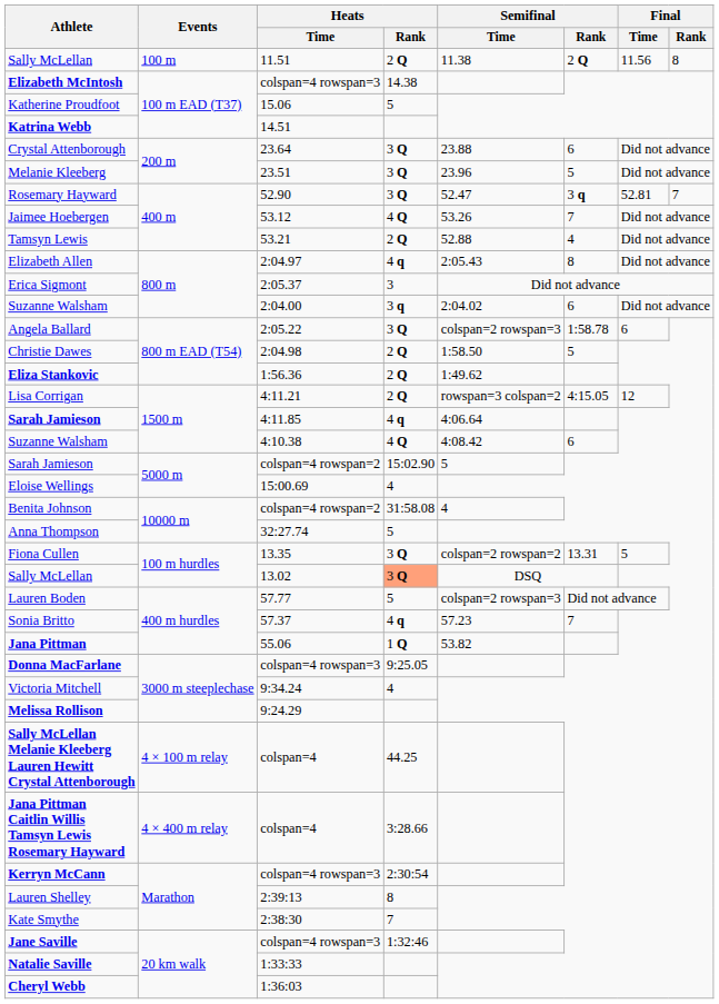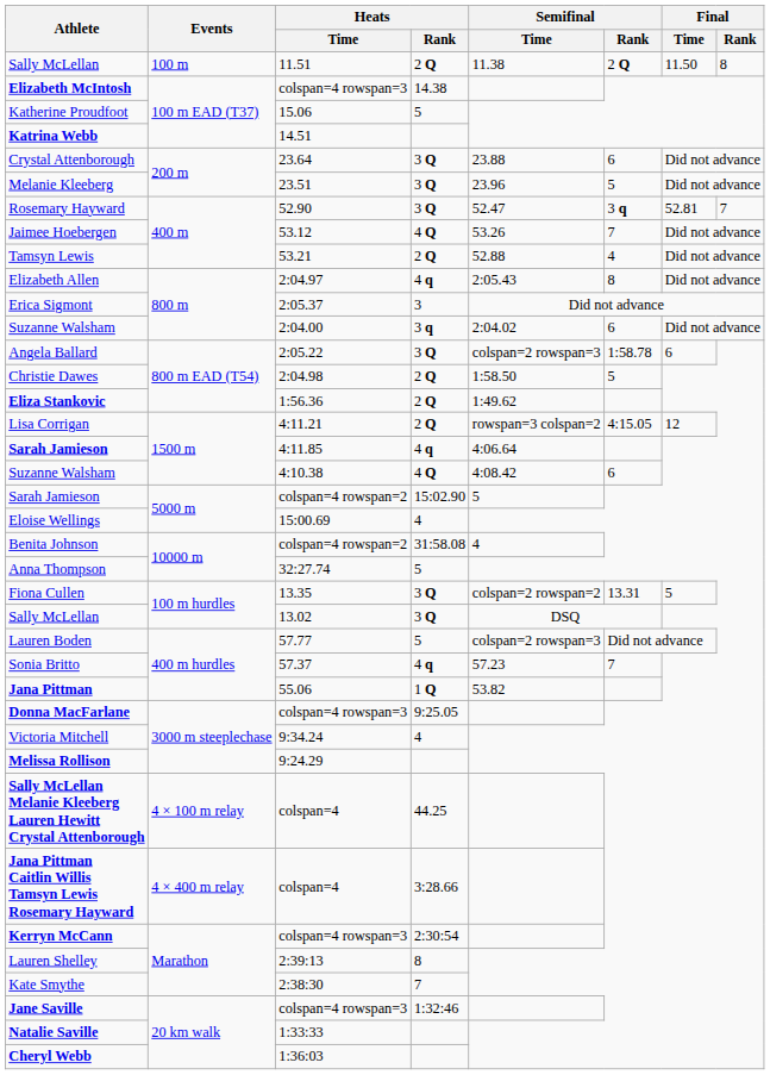 <table class=wikitable style="font-size:90%">
 <tr>
 <th rowspan="2">Athlete</th>
 <th rowspan="2">Events</th>
 <th colspan="2">Heats</th>
 <th colspan="2">Semifinal</th>
 <th colspan="2">Final</th>
 </tr>
 <tr style="font-size:95%">
 <th>Time</th>
 <th>Rank</th>
 <th>Time</th>
 <th>Rank</th>
 <th>Time</th>
 <th>Rank</th>
 </tr>
 <tr>
 <td><a href='#'>Sally McLellan</a></td>
 <td><a href='#'>100 m</a></td>
 <td>11.51</td>
 <td>2 <strong>Q</strong></td>
 <td>11.38</td>
 <td>2 <strong>Q</strong></td>
-<td>11.56</td>
+<td>11.50</td>
 <td>8</td>
 </tr>
 <tr>
 <td><strong><a href='#'>Elizabeth McIntosh</a></strong></td>
 <td rowspan=3><a href='#'>100 m EAD (T37)</a></td>
 <td>colspan=4 rowspan=3 </td>
 <td>14.38</td>
 <td></td>
 </tr>
 <tr>
 <td><a href='#'>Katherine Proudfoot</a></td>
 <td>15.06</td>
 <td>5</td>
 </tr>
 <tr>
 <td><strong><a href='#'>Katrina Webb</a></strong></td>
 <td>14.51</td>
 <td></td>
 </tr>
 <tr>
 <td><a href='#'>Crystal Attenborough</a></td>
 <td rowspan=2><a href='#'>200 m</a></td>
 <td>23.64</td>
 <td>3 <strong>Q</strong></td>
 <td>23.88</td>
 <td>6</td>
 <td colspan=2>Did not advance</td>
 </tr>
 <tr>
 <td><a href='#'>Melanie Kleeberg</a></td>
 <td>23.51</td>
 <td>3 <strong>Q</strong></td>
 <td>23.96</td>
 <td>5</td>
 <td colspan=2>Did not advance</td>
 </tr>
 <tr>
 <td><a href='#'>Rosemary Hayward</a></td>
 <td rowspan=3><a href='#'>400 m</a></td>
 <td>52.90</td>
 <td>3 <strong>Q</strong></td>
 <td>52.47</td>
 <td>3 <strong>q</strong></td>
 <td>52.81</td>
 <td>7</td>
 </tr>
 <tr>
 <td><a href='#'>Jaimee Hoebergen</a></td>
 <td>53.12</td>
 <td>4 <strong>Q</strong></td>
 <td>53.26</td>
 <td>7</td>
 <td colspan=2>Did not advance</td>
 </tr>
 <tr>
 <td><a href='#'>Tamsyn Lewis</a></td>
 <td>53.21</td>
 <td>2 <strong>Q</strong></td>
 <td>52.88</td>
 <td>4</td>
 <td colspan=2>Did not advance</td>
 </tr>
 <tr>
 <td><a href='#'>Elizabeth Allen</a></td>
 <td rowspan=3><a href='#'>800 m</a></td>
 <td>2:04.97</td>
 <td>4 <strong>q</strong></td>
 <td>2:05.43</td>
 <td>8</td>
 <td colspan=2>Did not advance</td>
 </tr>
 <tr>
 <td><a href='#'>Erica Sigmont</a></td>
 <td>2:05.37</td>
 <td>3</td>
 <td colspan=4 align=center>Did not advance</td>
 </tr>
 <tr>
 <td><a href='#'>Suzanne Walsham</a></td>
 <td>2:04.00</td>
 <td>3 <strong>q</strong></td>
 <td>2:04.02</td>
 <td>6</td>
 <td colspan=2>Did not advance</td>
 </tr>
 <tr>
 <td><a href='#'>Angela Ballard</a></td>
 <td rowspan=3><a href='#'>800 m EAD (T54)</a></td>
 <td>2:05.22</td>
 <td>3 <strong>Q</strong></td>
 <td>colspan=2 rowspan=3 </td>
 <td>1:58.78</td>
 <td>6</td>
 </tr>
 <tr>
 <td><a href='#'>Christie Dawes</a></td>
 <td>2:04.98</td>
 <td>2 <strong>Q</strong></td>
 <td>1:58.50</td>
 <td>5</td>
 </tr>
 <tr>
 <td><strong><a href='#'>Eliza Stankovic</a></strong></td>
 <td>1:56.36</td>
 <td>2 <strong>Q</strong></td>
 <td>1:49.62</td>
 <td></td>
 </tr>
 <tr>
 <td><a href='#'>Lisa Corrigan</a></td>
 <td rowspan=3><a href='#'>1500 m</a></td>
 <td>4:11.21</td>
 <td>2 <strong>Q</strong></td>
 <td>rowspan=3 colspan=2 </td>
 <td>4:15.05</td>
 <td>12</td>
 </tr>
 <tr>
 <td><strong><a href='#'>Sarah Jamieson</a></strong></td>
 <td>4:11.85</td>
 <td>4 <strong>q</strong></td>
 <td>4:06.64</td>
 <td></td>
 </tr>
 <tr>
 <td><a href='#'>Suzanne Walsham</a></td>
 <td>4:10.38</td>
 <td>4 <strong>Q</strong></td>
 <td>4:08.42</td>
 <td>6</td>
 </tr>
 <tr>
 <td><a href='#'>Sarah Jamieson</a></td>
 <td rowspan=2><a href='#'>5000 m</a></td>
 <td>colspan=4 rowspan=2 </td>
 <td>15:02.90</td>
 <td>5</td>
 </tr>
 <tr>
 <td><a href='#'>Eloise Wellings</a></td>
 <td>15:00.69</td>
 <td>4</td>
 </tr>
 <tr>
 <td><a href='#'>Benita Johnson</a></td>
 <td rowspan=2><a href='#'>10000 m</a></td>
 <td>colspan=4 rowspan=2 </td>
 <td>31:58.08</td>
 <td>4</td>
 </tr>
 <tr>
 <td><a href='#'>Anna Thompson</a></td>
 <td>32:27.74</td>
 <td>5</td>
 </tr>
 <tr>
 <td><a href='#'>Fiona Cullen</a></td>
 <td rowspan=2><a href='#'>100 m hurdles</a></td>
 <td>13.35</td>
 <td>3 <strong>Q</strong></td>
 <td>colspan=2 rowspan=2 </td>
 <td>13.31</td>
 <td>5</td>
 </tr>
 <tr>
 <td><a href='#'>Sally McLellan</a></td>
 <td>13.02</td>
-<td style="background: lightsalmon;">3 <strong>Q</strong></td>
+<td>3 <strong>Q</strong></td>
 <td colspan=2 align=center>DSQ</td>
 </tr>
 <tr>
 <td><a href='#'>Lauren Boden</a></td>
 <td rowspan=3><a href='#'>400 m hurdles</a></td>
 <td>57.77</td>
 <td>5</td>
 <td>colspan=2 rowspan=3 </td>
 <td colspan=2>Did not advance</td>
 </tr>
 <tr>
 <td><a href='#'>Sonia Britto</a></td>
 <td>57.37</td>
 <td>4 <strong>q</strong></td>
 <td>57.23</td>
 <td>7</td>
 </tr>
 <tr>
 <td><strong><a href='#'>Jana Pittman</a></strong></td>
 <td>55.06</td>
 <td>1 <strong>Q</strong></td>
 <td>53.82</td>
 <td></td>
 </tr>
 <tr>
 <td><strong><a href='#'>Donna MacFarlane</a></strong></td>
 <td rowspan=3><a href='#'>3000 m steeplechase</a></td>
 <td>colspan=4 rowspan=3 </td>
 <td>9:25.05</td>
 <td></td>
 </tr>
 <tr>
 <td><a href='#'>Victoria Mitchell</a></td>
 <td>9:34.24</td>
 <td>4</td>
 </tr>
 <tr>
 <td><strong><a href='#'>Melissa Rollison</a></strong></td>
 <td>9:24.29</td>
 <td></td>
 </tr>
 <tr>
 <td><strong><a href='#'>Sally McLellan</a><br><a href='#'>Melanie Kleeberg</a><br><a href='#'>Lauren Hewitt</a><br><a href='#'>Crystal Attenborough</a></strong></td>
 <td><a href='#'>4 × 100 m relay</a></td>
 <td>colspan=4 </td>
 <td>44.25</td>
 <td></td>
 </tr>
 <tr>
 <td><strong><a href='#'>Jana Pittman</a><br><a href='#'>Caitlin Willis</a><br> <a href='#'>Tamsyn Lewis</a><br><a href='#'>Rosemary Hayward</a></strong></td>
 <td><a href='#'>4 × 400 m relay</a></td>
 <td>colspan=4 </td>
 <td>3:28.66</td>
 <td></td>
 </tr>
 <tr>
 <td><strong><a href='#'>Kerryn McCann</a></strong></td>
 <td rowspan=3><a href='#'>Marathon</a></td>
 <td>colspan=4 rowspan=3 </td>
 <td>2:30:54</td>
 <td></td>
 </tr>
 <tr>
 <td><a href='#'>Lauren Shelley</a></td>
 <td>2:39:13</td>
 <td>8</td>
 </tr>
 <tr>
 <td><a href='#'>Kate Smythe</a></td>
 <td>2:38:30</td>
 <td>7</td>
 </tr>
 <tr>
 <td><strong><a href='#'>Jane Saville</a></strong></td>
 <td rowspan=3><a href='#'>20 km walk</a></td>
 <td>colspan=4 rowspan=3 </td>
 <td>1:32:46</td>
 <td></td>
 </tr>
 <tr>
 <td><strong><a href='#'>Natalie Saville</a></strong></td>
 <td>1:33:33</td>
 <td></td>
 </tr>
 <tr>
 <td><strong><a href='#'>Cheryl Webb</a></strong></td>
 <td>1:36:03</td>
 <td></td>
 </tr>
 </table>
